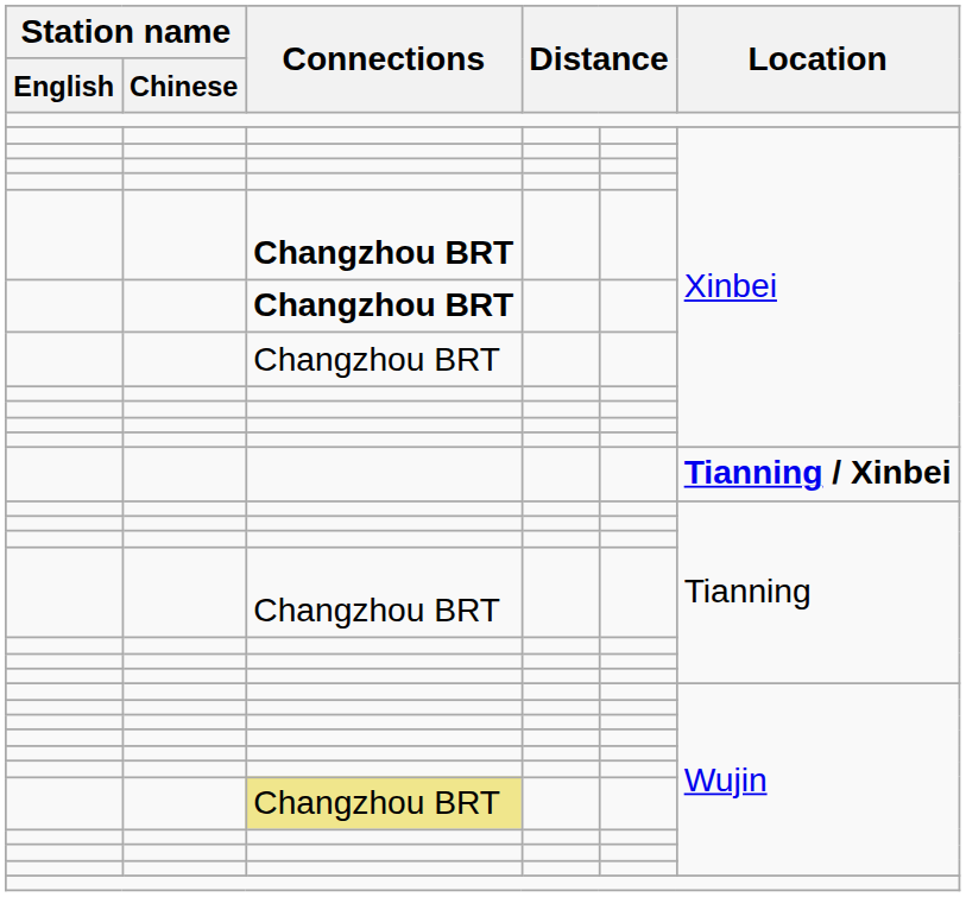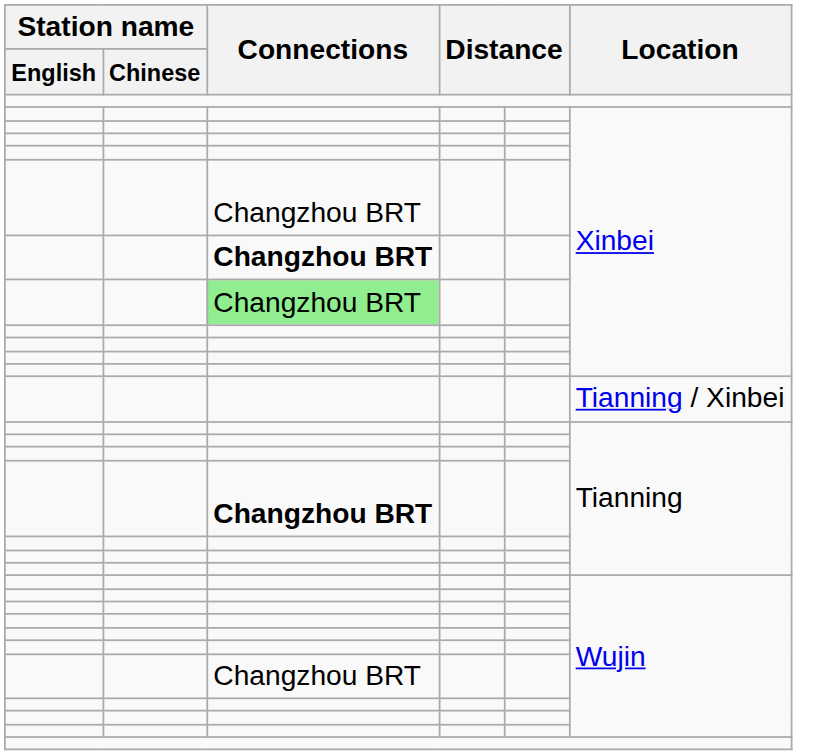 <table class="wikitable">
 <tr>
 <th colspan=2>Station name</th>
 <th rowspan=2>Connections</th>
 <th colspan="2" rowspan="2">Distance<br></th>
 <th rowspan=2>Location</th>
 </tr>
 <tr>
 <th><small>English</small></th>
 <th><small>Chinese</small></th>
 </tr>
 <tr style="background:#">
 <td colspan = "7"></td>
 </tr>
 <tr>
 <td></td>
 <td></td>
 <td></td>
 <td></td>
 <td></td>
 <td rowspan="11"><a href='#'>Xinbei</a></td>
 </tr>
 <tr>
 <td></td>
 <td></td>
 <td></td>
 <td></td>
 <td></td>
 </tr>
 <tr>
 <td></td>
 <td></td>
 <td></td>
 <td></td>
 <td></td>
 </tr>
 <tr>
 <td></td>
 <td></td>
 <td></td>
 <td></td>
 <td></td>
 </tr>
 <tr>
 <td></td>
 <td></td>
-<td><strong><br> Changzhou BRT</strong></td>
+<td><br> Changzhou BRT</td>
 <td></td>
 <td></td>
 </tr>
 <tr>
 <td></td>
 <td></td>
 <td><strong> Changzhou BRT</strong></td>
 <td></td>
 <td></td>
 </tr>
 <tr>
 <td></td>
 <td></td>
-<td> Changzhou BRT</td>
+<td style="background: lightgreen;"> Changzhou BRT</td>
 <td></td>
 <td></td>
 </tr>
 <tr>
 <td></td>
 <td></td>
 <td></td>
 <td></td>
 <td></td>
 </tr>
 <tr>
 <td></td>
 <td></td>
 <td></td>
 <td></td>
 <td></td>
 </tr>
 <tr>
 <td></td>
 <td></td>
 <td></td>
 <td></td>
 <td></td>
 </tr>
 <tr>
 <td></td>
 <td></td>
 <td></td>
 <td></td>
 <td></td>
 </tr>
 <tr>
 <td></td>
 <td></td>
 <td></td>
 <td></td>
 <td></td>
-<td><strong><a href='#'>Tianning</a> / Xinbei</strong></td>
+<td><a href='#'>Tianning</a> / Xinbei</td>
 </tr>
 <tr>
 <td></td>
 <td></td>
 <td></td>
 <td></td>
 <td></td>
 <td rowspan="7">Tianning</td>
 </tr>
 <tr>
 <td></td>
 <td></td>
 <td></td>
 <td></td>
 <td></td>
 </tr>
 <tr>
 <td></td>
 <td></td>
 <td></td>
 <td></td>
 <td></td>
 </tr>
 <tr>
 <td></td>
 <td></td>
-<td><br> Changzhou BRT</td>
+<td><strong><br> Changzhou BRT</strong></td>
 <td></td>
 <td></td>
 </tr>
 <tr>
 <td></td>
 <td></td>
 <td></td>
 <td></td>
 <td></td>
 </tr>
 <tr>
 <td></td>
 <td></td>
 <td></td>
 <td></td>
 <td></td>
 </tr>
 <tr>
 <td></td>
 <td></td>
 <td></td>
 <td></td>
 <td></td>
 </tr>
 <tr>
 <td></td>
 <td></td>
 <td></td>
 <td></td>
 <td></td>
 <td rowspan="10"><a href='#'>Wujin</a></td>
 </tr>
 <tr>
 <td></td>
 <td></td>
 <td></td>
 <td></td>
 <td></td>
 </tr>
 <tr>
 <td></td>
 <td></td>
 <td></td>
 <td></td>
 <td></td>
 </tr>
 <tr>
 <td></td>
 <td></td>
 <td></td>
 <td></td>
 <td></td>
 </tr>
 <tr>
 <td></td>
 <td></td>
 <td></td>
 <td></td>
 <td></td>
 </tr>
 <tr>
 <td></td>
 <td></td>
 <td></td>
 <td></td>
 <td></td>
 </tr>
 <tr>
 <td></td>
 <td></td>
-<td style="background: khaki;"> Changzhou BRT</td>
+<td> Changzhou BRT</td>
 <td></td>
 <td></td>
 </tr>
 <tr>
 <td></td>
 <td></td>
 <td></td>
 <td></td>
 <td></td>
 </tr>
 <tr>
 <td></td>
 <td></td>
 <td></td>
 <td></td>
 <td></td>
 </tr>
 <tr>
 <td></td>
 <td></td>
 <td></td>
 <td></td>
 <td></td>
 </tr>
 <tr style="background:#">
 <td colspan = "7"></td>
 </tr>
 </table>
